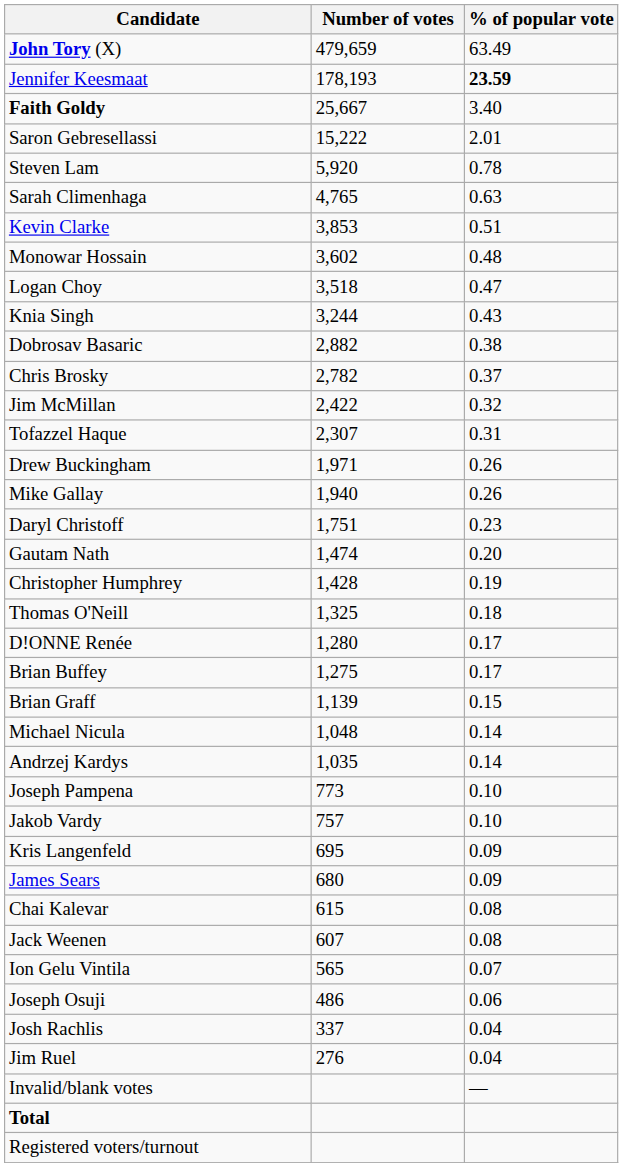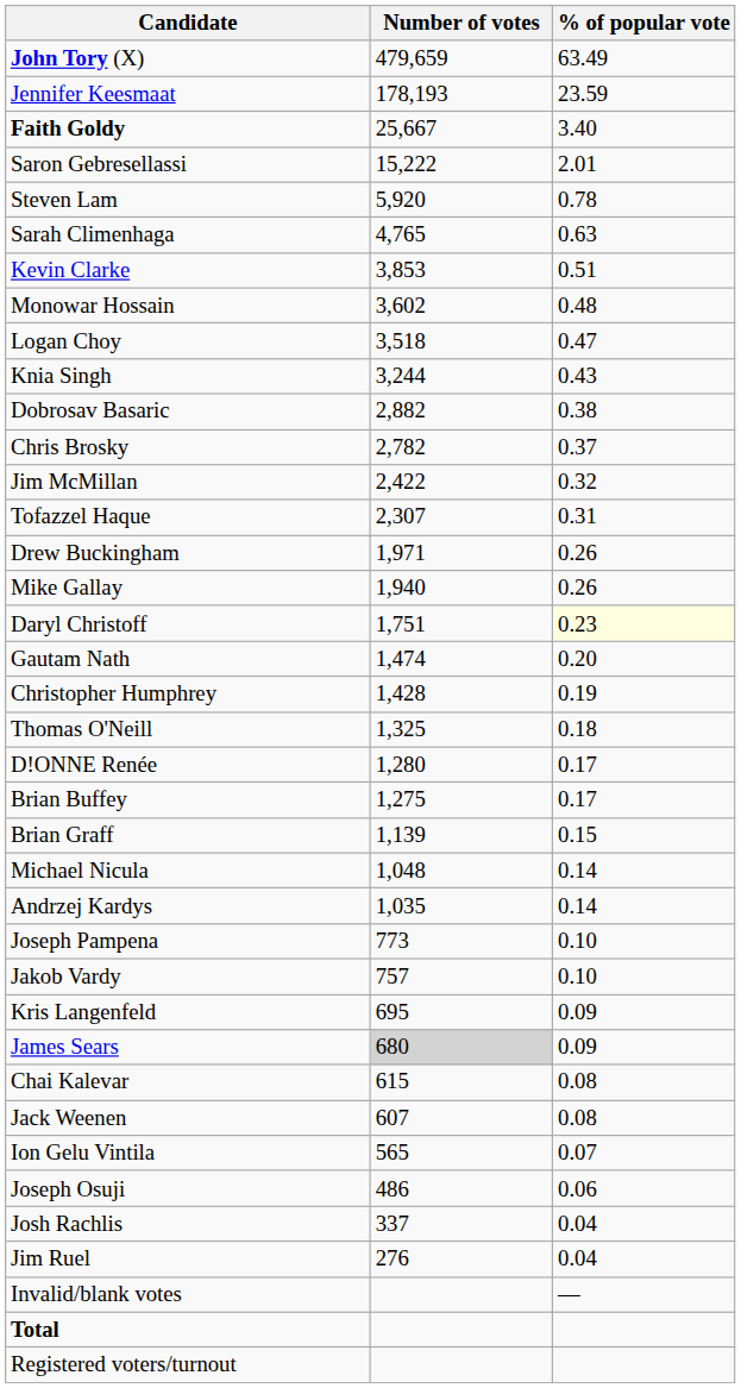 <table class="wikitable">
 <tr>
 <th width=50%>Candidate</th>
 <th width=25%>Number of votes</th>
 <th width=25%>% of popular vote</th>
 </tr>
 <tr>
 <td><strong><a href='#'>John Tory</a></strong> (X)</td>
 <td>479,659</td>
 <td>63.49</td>
 </tr>
 <tr>
 <td><a href='#'>Jennifer Keesmaat</a></td>
 <td>178,193</td>
-<td><strong>23.59</strong></td>
+<td>23.59</td>
 </tr>
 <tr>
 <td><strong>Faith Goldy</strong></td>
 <td>25,667</td>
 <td>3.40</td>
 </tr>
 <tr>
 <td>Saron Gebresellassi</td>
 <td>15,222</td>
 <td>2.01</td>
 </tr>
 <tr>
 <td>Steven Lam</td>
 <td>5,920</td>
 <td>0.78</td>
 </tr>
 <tr>
 <td>Sarah Climenhaga</td>
 <td>4,765</td>
 <td>0.63</td>
 </tr>
 <tr>
 <td><a href='#'>Kevin Clarke</a></td>
 <td>3,853</td>
 <td>0.51</td>
 </tr>
 <tr>
 <td>Monowar Hossain</td>
 <td>3,602</td>
 <td>0.48</td>
 </tr>
 <tr>
 <td>Logan Choy</td>
 <td>3,518</td>
 <td>0.47</td>
 </tr>
 <tr>
 <td>Knia Singh</td>
 <td>3,244</td>
 <td>0.43</td>
 </tr>
 <tr>
 <td>Dobrosav Basaric</td>
 <td>2,882</td>
 <td>0.38</td>
 </tr>
 <tr>
 <td>Chris Brosky</td>
 <td>2,782</td>
 <td>0.37</td>
 </tr>
 <tr>
 <td>Jim McMillan</td>
 <td>2,422</td>
 <td>0.32</td>
 </tr>
 <tr>
 <td>Tofazzel Haque</td>
 <td>2,307</td>
 <td>0.31</td>
 </tr>
 <tr>
 <td>Drew Buckingham</td>
 <td>1,971</td>
 <td>0.26</td>
 </tr>
 <tr>
 <td>Mike Gallay</td>
 <td>1,940</td>
 <td>0.26</td>
 </tr>
 <tr>
 <td>Daryl Christoff</td>
 <td>1,751</td>
-<td>0.23</td>
+<td style="background: lightyellow;">0.23</td>
 </tr>
 <tr>
 <td>Gautam Nath</td>
 <td>1,474</td>
 <td>0.20</td>
 </tr>
 <tr>
 <td>Christopher Humphrey</td>
 <td>1,428</td>
 <td>0.19</td>
 </tr>
 <tr>
 <td>Thomas O'Neill</td>
 <td>1,325</td>
 <td>0.18</td>
 </tr>
 <tr>
 <td>D!ONNE Renée</td>
 <td>1,280</td>
 <td>0.17</td>
 </tr>
 <tr>
 <td>Brian Buffey</td>
 <td>1,275</td>
 <td>0.17</td>
 </tr>
 <tr>
 <td>Brian Graff</td>
 <td>1,139</td>
 <td>0.15</td>
 </tr>
 <tr>
 <td>Michael Nicula</td>
 <td>1,048</td>
 <td>0.14</td>
 </tr>
 <tr>
 <td>Andrzej Kardys</td>
 <td>1,035</td>
 <td>0.14</td>
 </tr>
 <tr>
 <td>Joseph Pampena</td>
 <td>773</td>
 <td>0.10</td>
 </tr>
 <tr>
 <td>Jakob Vardy</td>
 <td>757</td>
 <td>0.10</td>
 </tr>
 <tr>
 <td>Kris Langenfeld</td>
 <td>695</td>
 <td>0.09</td>
 </tr>
 <tr>
 <td><a href='#'>James Sears</a></td>
-<td>680</td>
+<td style="background: lightgrey;">680</td>
 <td>0.09</td>
 </tr>
 <tr>
 <td>Chai Kalevar</td>
 <td>615</td>
 <td>0.08</td>
 </tr>
 <tr>
 <td>Jack Weenen</td>
 <td>607</td>
 <td>0.08</td>
 </tr>
 <tr>
 <td>Ion Gelu Vintila</td>
 <td>565</td>
 <td>0.07</td>
 </tr>
 <tr>
 <td>Joseph Osuji</td>
 <td>486</td>
 <td>0.06</td>
 </tr>
 <tr>
 <td>Josh Rachlis</td>
 <td>337</td>
 <td>0.04</td>
 </tr>
 <tr>
 <td>Jim Ruel</td>
 <td>276</td>
 <td>0.04</td>
 </tr>
 <tr>
 <td>Invalid/blank votes</td>
 <td></td>
 <td>—</td>
 </tr>
 <tr>
 <td><strong>Total</strong></td>
 <td></td>
 <td></td>
 </tr>
 <tr>
 <td>Registered voters/turnout</td>
 <td></td>
 <td></td>
 </tr>
 <tr>
 </tr>
 </table>
